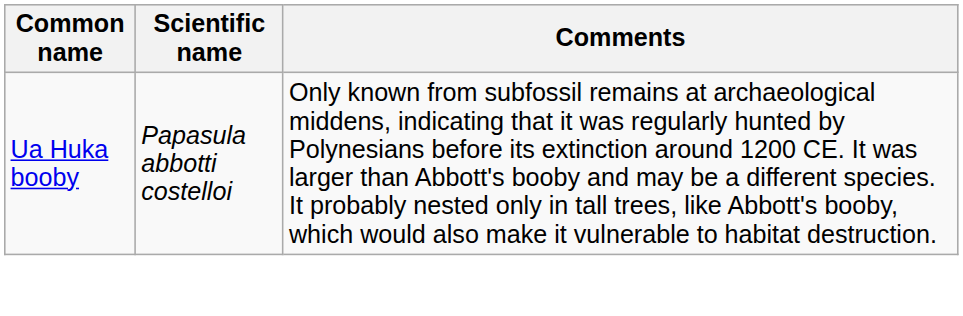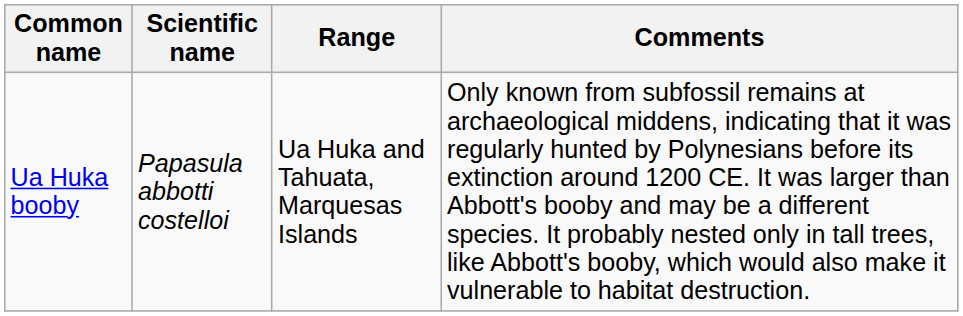 <table class="wikitable">
 <tr>
 <th>Common name</th>
 <th>Scientific name</th>
+<th>Range</th>
 <th class="unsortable">Comments</th>
 </tr>
 <tr>
 <td><a href='#'>Ua Huka booby</a></td>
 <td><em>Papasula abbotti costelloi</em></td>
+<td>Ua Huka and Tahuata, Marquesas Islands</td>
 <td>Only known from subfossil remains at archaeological middens, indicating that it was regularly hunted by Polynesians before its extinction around 1200 CE. It was larger than Abbott's booby and may be a different species. It probably nested only in tall trees, like Abbott's booby, which would also make it vulnerable to habitat destruction.</td>
 </tr>
 </table>
